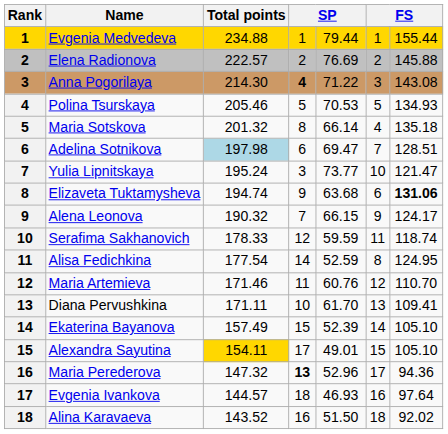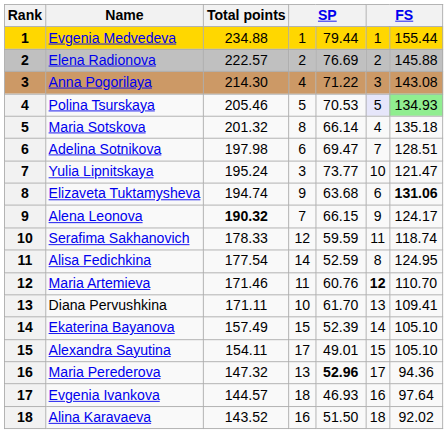 <table class="wikitable sortable">
 <tr>
 <th>Rank</th>
 <th>Name</th>
 <th>Total points</th>
 <th colspan="2" width="80px"><a href='#'>SP</a></th>
 <th colspan="2" width="80px"><a href='#'>FS</a></th>
 </tr>
 <tr bgcolor="gold">
 <td align="center"><strong>1</strong></td>
 <td><a href='#'>Evgenia Medvedeva</a></td>
 <td align="center">234.88</td>
 <td align="center">1</td>
 <td align="center">79.44</td>
 <td align="center">1</td>
 <td align="center">155.44</td>
 </tr>
 <tr bgcolor="silver">
 <td align="center"><strong>2</strong></td>
 <td><a href='#'>Elena Radionova</a></td>
 <td align="center">222.57</td>
 <td align="center">2</td>
 <td align="center">76.69</td>
 <td align="center">2</td>
 <td align="center">145.88</td>
 </tr>
 <tr bgcolor="cc9966">
 <td align="center"><strong>3</strong></td>
 <td><a href='#'>Anna Pogorilaya</a></td>
 <td align="center">214.30</td>
-<td align="center"><strong>4</strong></td>
+<td align="center">4</td>
 <td align="center">71.22</td>
 <td align="center">3</td>
 <td align="center">143.08</td>
 </tr>
 <tr>
 <th>4</th>
 <td><a href='#'>Polina Tsurskaya</a></td>
 <td align="center">205.46</td>
 <td align="center">5</td>
 <td align="center">70.53</td>
-<td align="center">5</td>
-<td align="center">134.93</td>
+<td align="center" style="background: lavender;">5</td>
+<td align="center" style="background: lightgreen;">134.93</td>
 </tr>
 <tr>
 <th>5</th>
 <td><a href='#'>Maria Sotskova</a></td>
 <td align="center">201.32</td>
 <td align="center">8</td>
 <td align="center">66.14</td>
 <td align="center">4</td>
 <td align="center">135.18</td>
 </tr>
 <tr>
 <th>6</th>
 <td><a href='#'>Adelina Sotnikova</a></td>
-<td align="center" style="background: lightblue;">197.98</td>
+<td align="center">197.98</td>
 <td align="center">6</td>
 <td align="center">69.47</td>
 <td align="center">7</td>
 <td align="center">128.51</td>
 </tr>
 <tr>
 <th>7</th>
 <td><a href='#'>Yulia Lipnitskaya</a></td>
 <td align="center">195.24</td>
 <td align="center">3</td>
 <td align="center">73.77</td>
 <td align="center">10</td>
 <td align="center">121.47</td>
 </tr>
 <tr>
 <th>8</th>
 <td><a href='#'>Elizaveta Tuktamysheva</a></td>
 <td align="center">194.74</td>
 <td align="center">9</td>
 <td align="center">63.68</td>
 <td align="center">6</td>
 <td align="center"><strong>131.06</strong></td>
 </tr>
 <tr>
 <th>9</th>
 <td><a href='#'>Alena Leonova</a></td>
-<td align="center">190.32</td>
+<td align="center"><strong>190.32</strong></td>
 <td align="center">7</td>
 <td align="center">66.15</td>
 <td align="center">9</td>
 <td align="center">124.17</td>
 </tr>
 <tr>
 <th>10</th>
 <td><a href='#'>Serafima Sakhanovich</a></td>
 <td align="center">178.33</td>
 <td align="center">12</td>
 <td align="center">59.59</td>
 <td align="center">11</td>
 <td align="center">118.74</td>
 </tr>
 <tr>
 <th>11</th>
 <td><a href='#'>Alisa Fedichkina</a></td>
 <td align="center">177.54</td>
 <td align="center">14</td>
 <td align="center">52.59</td>
 <td align="center">8</td>
 <td align="center">124.95</td>
 </tr>
 <tr>
 <th>12</th>
 <td><a href='#'>Maria Artemieva</a></td>
 <td align="center">171.46</td>
 <td align="center">11</td>
 <td align="center">60.76</td>
-<td align="center">12</td>
+<td align="center"><strong>12</strong></td>
 <td align="center">110.70</td>
 </tr>
 <tr>
 <th>13</th>
 <td>Diana Pervushkina</td>
 <td align="center">171.11</td>
 <td align="center">10</td>
 <td align="center">61.70</td>
 <td align="center">13</td>
 <td align="center">109.41</td>
 </tr>
 <tr>
 <th>14</th>
 <td><a href='#'>Ekaterina Bayanova</a></td>
 <td align="center">157.49</td>
 <td align="center">15</td>
 <td align="center">52.39</td>
 <td align="center">14</td>
 <td align="center">105.10</td>
 </tr>
 <tr>
 <th>15</th>
 <td><a href='#'>Alexandra Sayutina</a></td>
-<td align="center" style="background: gold;">154.11</td>
+<td align="center">154.11</td>
 <td align="center">17</td>
 <td align="center">49.01</td>
 <td align="center">15</td>
 <td align="center">105.10</td>
 </tr>
 <tr>
 <th>16</th>
 <td><a href='#'>Maria Perederova</a></td>
 <td align="center">147.32</td>
-<td align="center"><strong>13</strong></td>
-<td align="center">52.96</td>
+<td align="center">13</td>
+<td align="center"><strong>52.96</strong></td>
 <td align="center">17</td>
 <td align="center">94.36</td>
 </tr>
 <tr>
 <th>17</th>
 <td><a href='#'>Evgenia Ivankova</a></td>
 <td align="center">144.57</td>
 <td align="center">18</td>
 <td align="center">46.93</td>
 <td align="center">16</td>
 <td align="center">97.64</td>
 </tr>
 <tr>
 <th>18</th>
 <td><a href='#'>Alina Karavaeva</a></td>
 <td align="center">143.52</td>
 <td align="center">16</td>
 <td align="center">51.50</td>
 <td align="center">18</td>
 <td align="center">92.02</td>
 </tr>
 </table>
